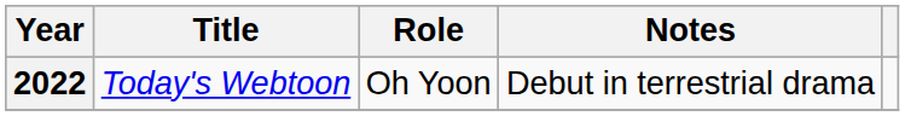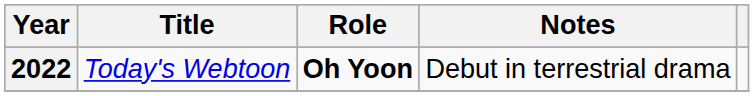 <table class="wikitable  plainrowheaders">
 <tr>
 <th scope="col">Year</th>
 <th scope="col">Title</th>
 <th scope="col">Role</th>
 <th scope="col">Notes</th>
 <th scope="col" class="unsortable"></th>
 </tr>
 <tr>
 <th scope="row">2022</th>
 <td><em><a href='#'>Today's Webtoon</a></em></td>
-<td>Oh Yoon</td>
+<td><strong>Oh Yoon</strong></td>
 <td>Debut in terrestrial drama</td>
 <td></td>
 </tr>
 <tr>
 </tr>
 </table>
